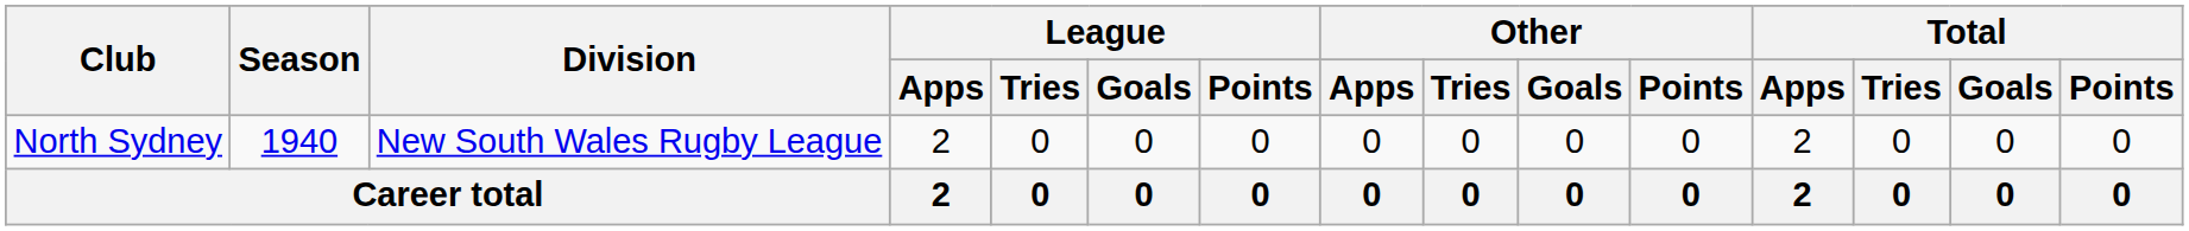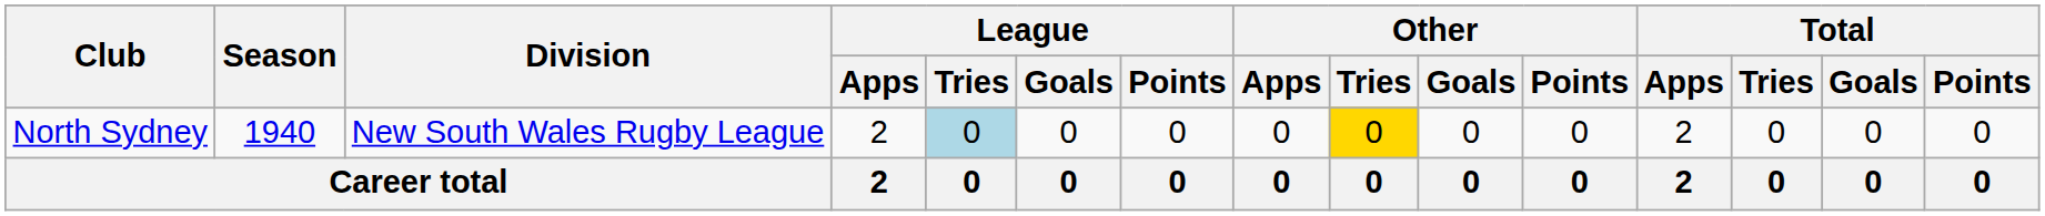 <table class="wikitable" style="text-align:center;">
 <tr>
 <th rowspan="2">Club</th>
 <th rowspan="2">Season</th>
 <th rowspan="2">Division</th>
 <th colspan="4">League</th>
 <th colspan="4">Other</th>
 <th colspan="4">Total</th>
 </tr>
 <tr>
 <th>Apps</th>
 <th>Tries</th>
 <th>Goals</th>
 <th>Points</th>
 <th>Apps</th>
 <th>Tries</th>
 <th>Goals</th>
 <th>Points</th>
 <th>Apps</th>
 <th>Tries</th>
 <th>Goals</th>
 <th>Points</th>
 </tr>
 <tr>
 <td><a href='#'>North Sydney</a></td>
 <td><a href='#'>1940</a></td>
 <td><a href='#'>New South Wales Rugby League</a></td>
 <td>2</td>
+<td style="background: lightblue;">0</td>
 <td>0</td>
 <td>0</td>
 <td>0</td>
-<td>0</td>
-<td>0</td>
+<td style="background: gold;">0</td>
 <td>0</td>
 <td>0</td>
 <td>2</td>
 <td>0</td>
 <td>0</td>
 <td>0</td>
 </tr>
 <tr>
 <th colspan="3">Career total</th>
 <th>2</th>
 <th>0</th>
 <th>0</th>
 <th>0</th>
 <th>0</th>
 <th>0</th>
 <th>0</th>
 <th>0</th>
 <th>2</th>
 <th>0</th>
 <th>0</th>
 <th>0</th>
 </tr>
 </table>
